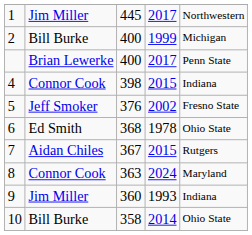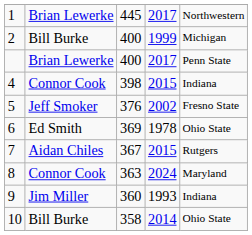 <table class="wikitable">
 <tr>
 </tr>
 <tr>
 <td>1</td>
-<td><a href='#'>Jim Miller</a></td>
+<td><a href='#'>Brian Lewerke</a></td>
 <td>445</td>
 <td><a href='#'>2017</a></td>
 <td style="font-size:80%;">Northwestern</td>
 </tr>
 <tr>
 <td>2</td>
 <td>Bill Burke</td>
 <td>400</td>
 <td><a href='#'>1999</a></td>
 <td style="font-size:80%;">Michigan</td>
 </tr>
 <tr>
 <td></td>
 <td><a href='#'>Brian Lewerke</a></td>
 <td>400</td>
 <td><a href='#'>2017</a></td>
 <td style="font-size:80%;">Penn State</td>
 </tr>
 <tr>
 <td>4</td>
 <td><a href='#'>Connor Cook</a></td>
 <td>398</td>
 <td><a href='#'>2015</a></td>
 <td style="font-size:80%;">Indiana</td>
 </tr>
 <tr>
 <td>5</td>
 <td><a href='#'>Jeff Smoker</a></td>
 <td>376</td>
 <td><a href='#'>2002</a></td>
 <td style="font-size:80%;">Fresno State</td>
 </tr>
 <tr>
 <td>6</td>
 <td>Ed Smith</td>
-<td>368</td>
+<td>369</td>
 <td>1978</td>
 <td style="font-size:80%;">Ohio State</td>
 </tr>
 <tr>
 <td>7</td>
 <td><a href='#'>Aidan Chiles</a></td>
 <td>367</td>
 <td><a href='#'>2015</a></td>
 <td style="font-size:80%;">Rutgers</td>
 </tr>
 <tr>
 <td>8</td>
 <td><a href='#'>Connor Cook</a></td>
 <td>363</td>
 <td><a href='#'>2024</a></td>
 <td style="font-size:80%;">Maryland</td>
 </tr>
 <tr>
 <td>9</td>
 <td><a href='#'>Jim Miller</a></td>
 <td>360</td>
 <td>1993</td>
 <td style="font-size:80%;">Indiana</td>
 </tr>
 <tr>
 <td>10</td>
 <td>Bill Burke</td>
 <td>358</td>
 <td><a href='#'>2014</a></td>
 <td style="font-size:80%;">Ohio State</td>
 </tr>
 </table>
